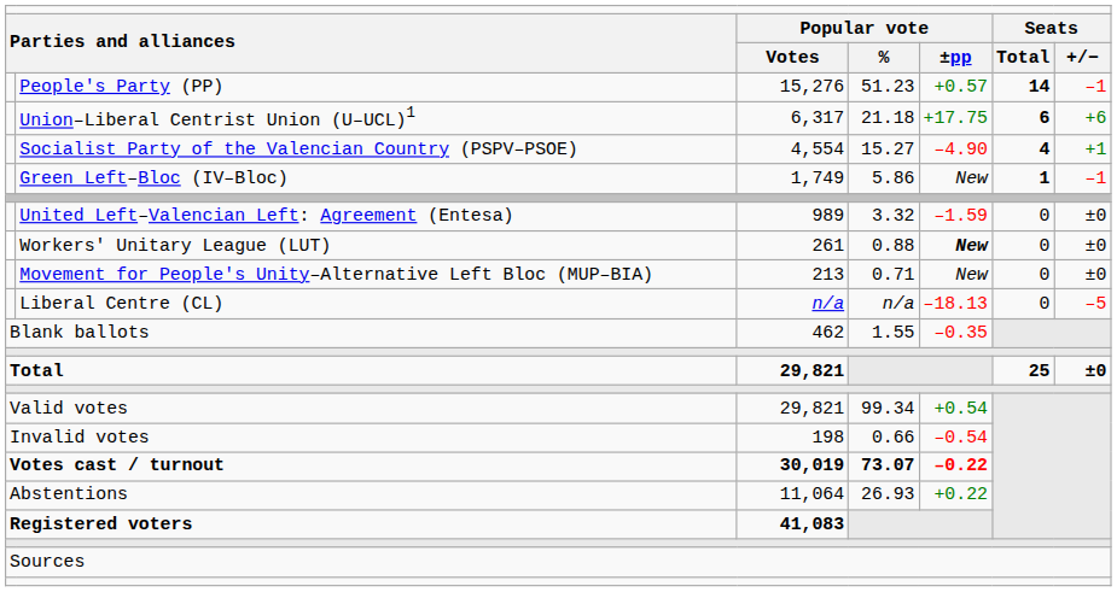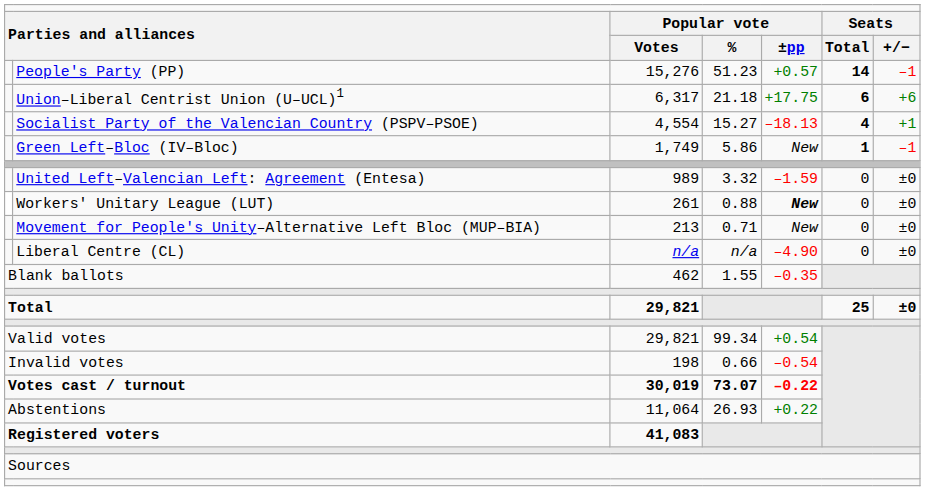 <table class="wikitable" style="text-align:right;">
 <tr>
 <td colspan="7"></td>
 </tr>
 <tr>
 <th style="text-align:left;" rowspan="2" colspan="2" width="525">Parties and alliances</th>
 <th colspan="3">Popular vote</th>
 <th colspan="2">Seats</th>
 </tr>
 <tr>
 <th width="75">Votes</th>
 <th width="45">%</th>
 <th width="45">±<a href='#'>pp</a></th>
 <th width="35">Total</th>
 <th width="35">+/−</th>
 </tr>
 <tr>
 <td width="1" style="color:inherit;background:"></td>
 <td align="left"><a href='#'>People's Party</a> (PP)</td>
 <td>15,276</td>
 <td>51.23</td>
 <td style="color:green;">+0.57</td>
 <td><strong>14</strong></td>
 <td style="color:red;">–1</td>
 </tr>
 <tr>
 <td style="color:inherit;background:"></td>
 <td align="left"><a href='#'>Union</a>–Liberal Centrist Union (U–UCL)<sup>1</sup></td>
 <td>6,317</td>
 <td>21.18</td>
 <td style="color:green;">+17.75</td>
 <td><strong>6</strong></td>
 <td style="color:green;">+6</td>
 </tr>
 <tr>
 <td style="color:inherit;background:"></td>
 <td align="left"><a href='#'>Socialist Party of the Valencian Country</a> (PSPV–PSOE)</td>
 <td>4,554</td>
 <td>15.27</td>
-<td style="color:red;">–4.90</td>
+<td style="color:red;">–18.13</td>
 <td><strong>4</strong></td>
 <td style="color:green;">+1</td>
 </tr>
 <tr>
 <td style="color:inherit;background:"></td>
 <td align="left"><a href='#'>Green Left</a>–<a href='#'>Bloc</a> (IV–Bloc)</td>
 <td>1,749</td>
 <td>5.86</td>
 <td><em>New</em></td>
 <td><strong>1</strong></td>
 <td style="color:red;">–1</td>
 </tr>
 <tr>
 <td colspan="7" bgcolor="#C0C0C0"></td>
 </tr>
 <tr>
 <td style="color:inherit;background:"></td>
 <td align="left"><a href='#'>United Left</a>–<a href='#'>Valencian Left</a>: <a href='#'>Agreement</a> (Entesa)</td>
 <td>989</td>
 <td>3.32</td>
 <td style="color:red;">–1.59</td>
 <td>0</td>
 <td>±0</td>
 </tr>
 <tr>
 <td bgcolor="white"></td>
 <td align="left">Workers' Unitary League (LUT)</td>
 <td>261</td>
 <td>0.88</td>
 <td><strong><em>New</em></strong></td>
 <td>0</td>
 <td>±0</td>
 </tr>
 <tr>
 <td style="color:inherit;background:"></td>
 <td align="left"><a href='#'>Movement for People's Unity</a>–Alternative Left Bloc (MUP–BIA)</td>
 <td>213</td>
 <td>0.71</td>
 <td><em>New</em></td>
 <td>0</td>
 <td>±0</td>
 </tr>
 <tr>
 <td style="color:inherit;background:"></td>
 <td align="left">Liberal Centre (CL)</td>
 <td><em><a href='#'>n/a</a></em></td>
 <td><em>n/a</em></td>
-<td style="color:red;">–18.13</td>
+<td style="color:red;">–4.90</td>
 <td>0</td>
-<td style="color:red;">–5</td>
+<td>±0</td>
 </tr>
 <tr>
 <td align="left" colspan="2">Blank ballots</td>
 <td>462</td>
 <td>1.55</td>
 <td style="color:red;">–0.35</td>
 <td bgcolor="#E9E9E9" colspan="2"></td>
 </tr>
 <tr>
 <td colspan="7" bgcolor="#E9E9E9"></td>
 </tr>
 <tr style="font-weight:bold;">
 <td align="left" colspan="2">Total</td>
 <td>29,821</td>
 <td bgcolor="#E9E9E9" colspan="2"></td>
 <td>25</td>
 <td>±0</td>
 </tr>
 <tr>
 <td colspan="7" bgcolor="#E9E9E9"></td>
 </tr>
 <tr>
 <td align="left" colspan="2">Valid votes</td>
 <td>29,821</td>
 <td>99.34</td>
 <td style="color:green;">+0.54</td>
 <td bgcolor="#E9E9E9" colspan="2" rowspan="5"></td>
 </tr>
 <tr>
 <td align="left" colspan="2">Invalid votes</td>
 <td>198</td>
 <td>0.66</td>
 <td style="color:red;">–0.54</td>
 </tr>
 <tr style="font-weight:bold;">
 <td align="left" colspan="2">Votes cast / turnout</td>
 <td>30,019</td>
 <td>73.07</td>
 <td style="color:red;">–0.22</td>
 </tr>
 <tr>
 <td align="left" colspan="2">Abstentions</td>
 <td>11,064</td>
 <td>26.93</td>
 <td style="color:green;">+0.22</td>
 </tr>
 <tr style="font-weight:bold;">
 <td align="left" colspan="2">Registered voters</td>
 <td>41,083</td>
 <td bgcolor="#E9E9E9" colspan="2"></td>
 </tr>
 <tr>
 <td colspan="7" bgcolor="#E9E9E9"></td>
 </tr>
 <tr>
 <td align="left" colspan="7">Sources</td>
 </tr>
 <tr>
 <td colspan="7" style="text-align:left; max-width:790px;"></td>
 </tr>
 </table>
